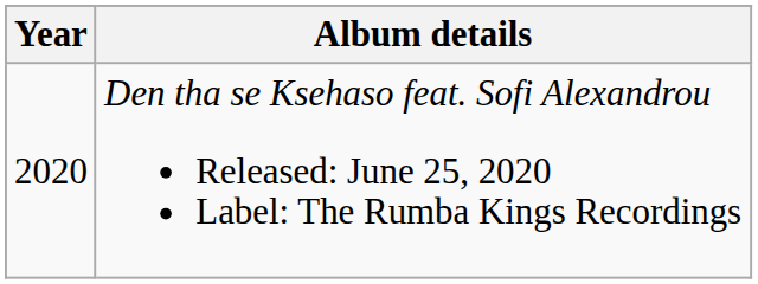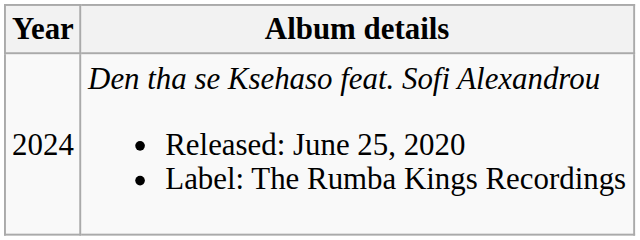 <table class="wikitable">
 <tr>
 <th>Year</th>
 <th>Album details</th>
 </tr>
 <tr>
-<td>2020</td>
+<td>2024</td>
 <td><em>Den tha se Ksehaso feat. Sofi Alexandrou</em><br><ul><li>Released: June 25, 2020</li><li>Label: The Rumba Kings Recordings</li></ul></td>
 </tr>
 </table>
